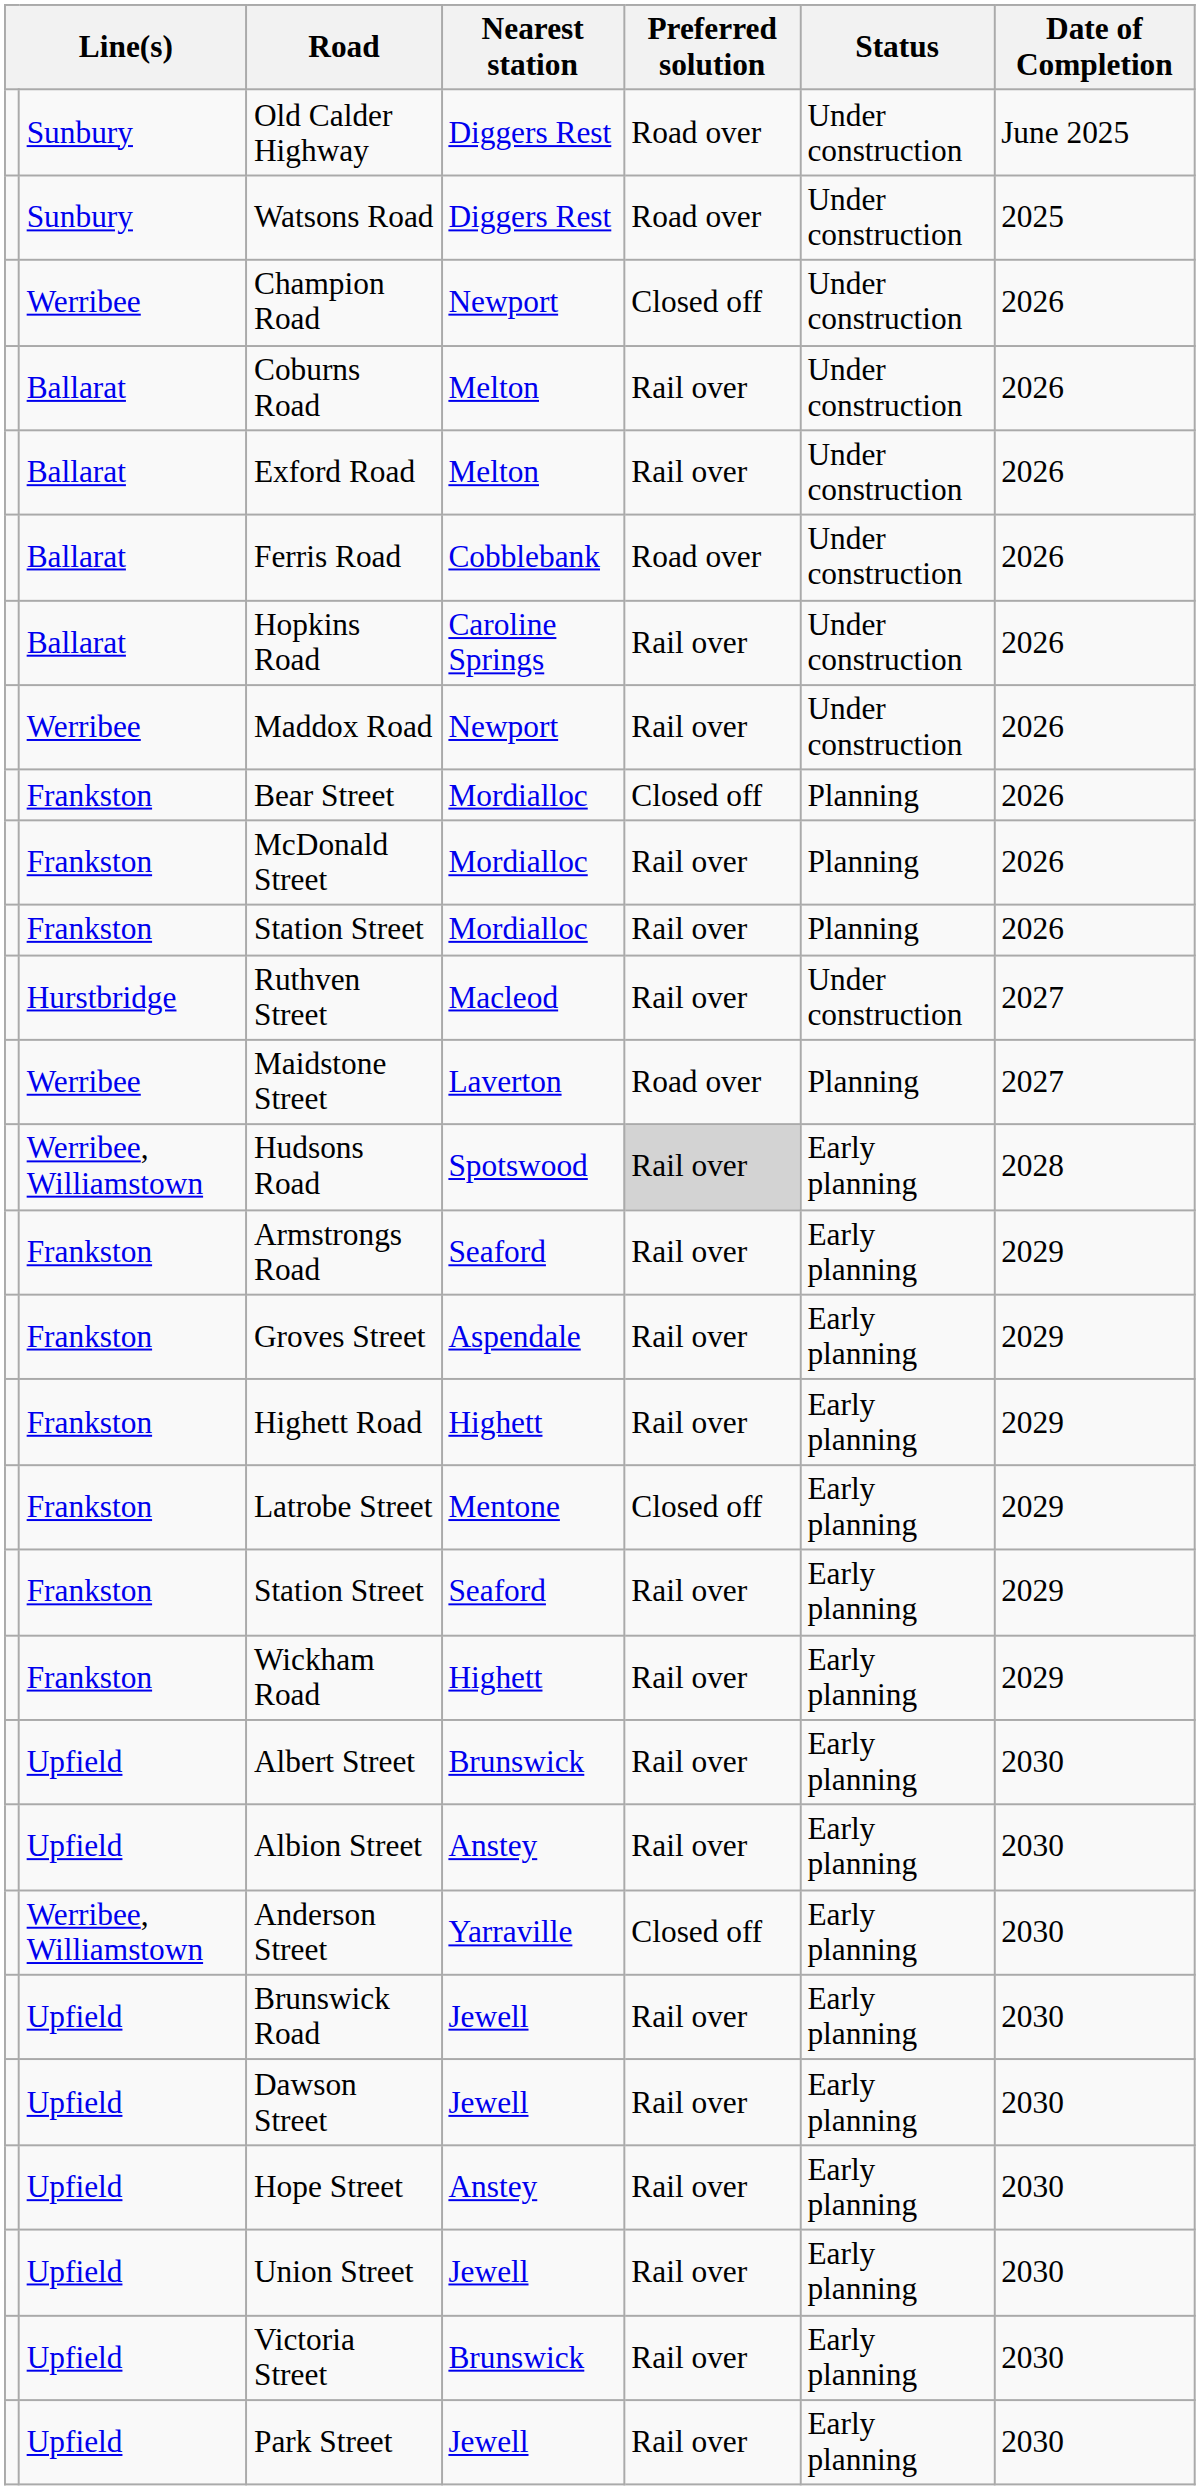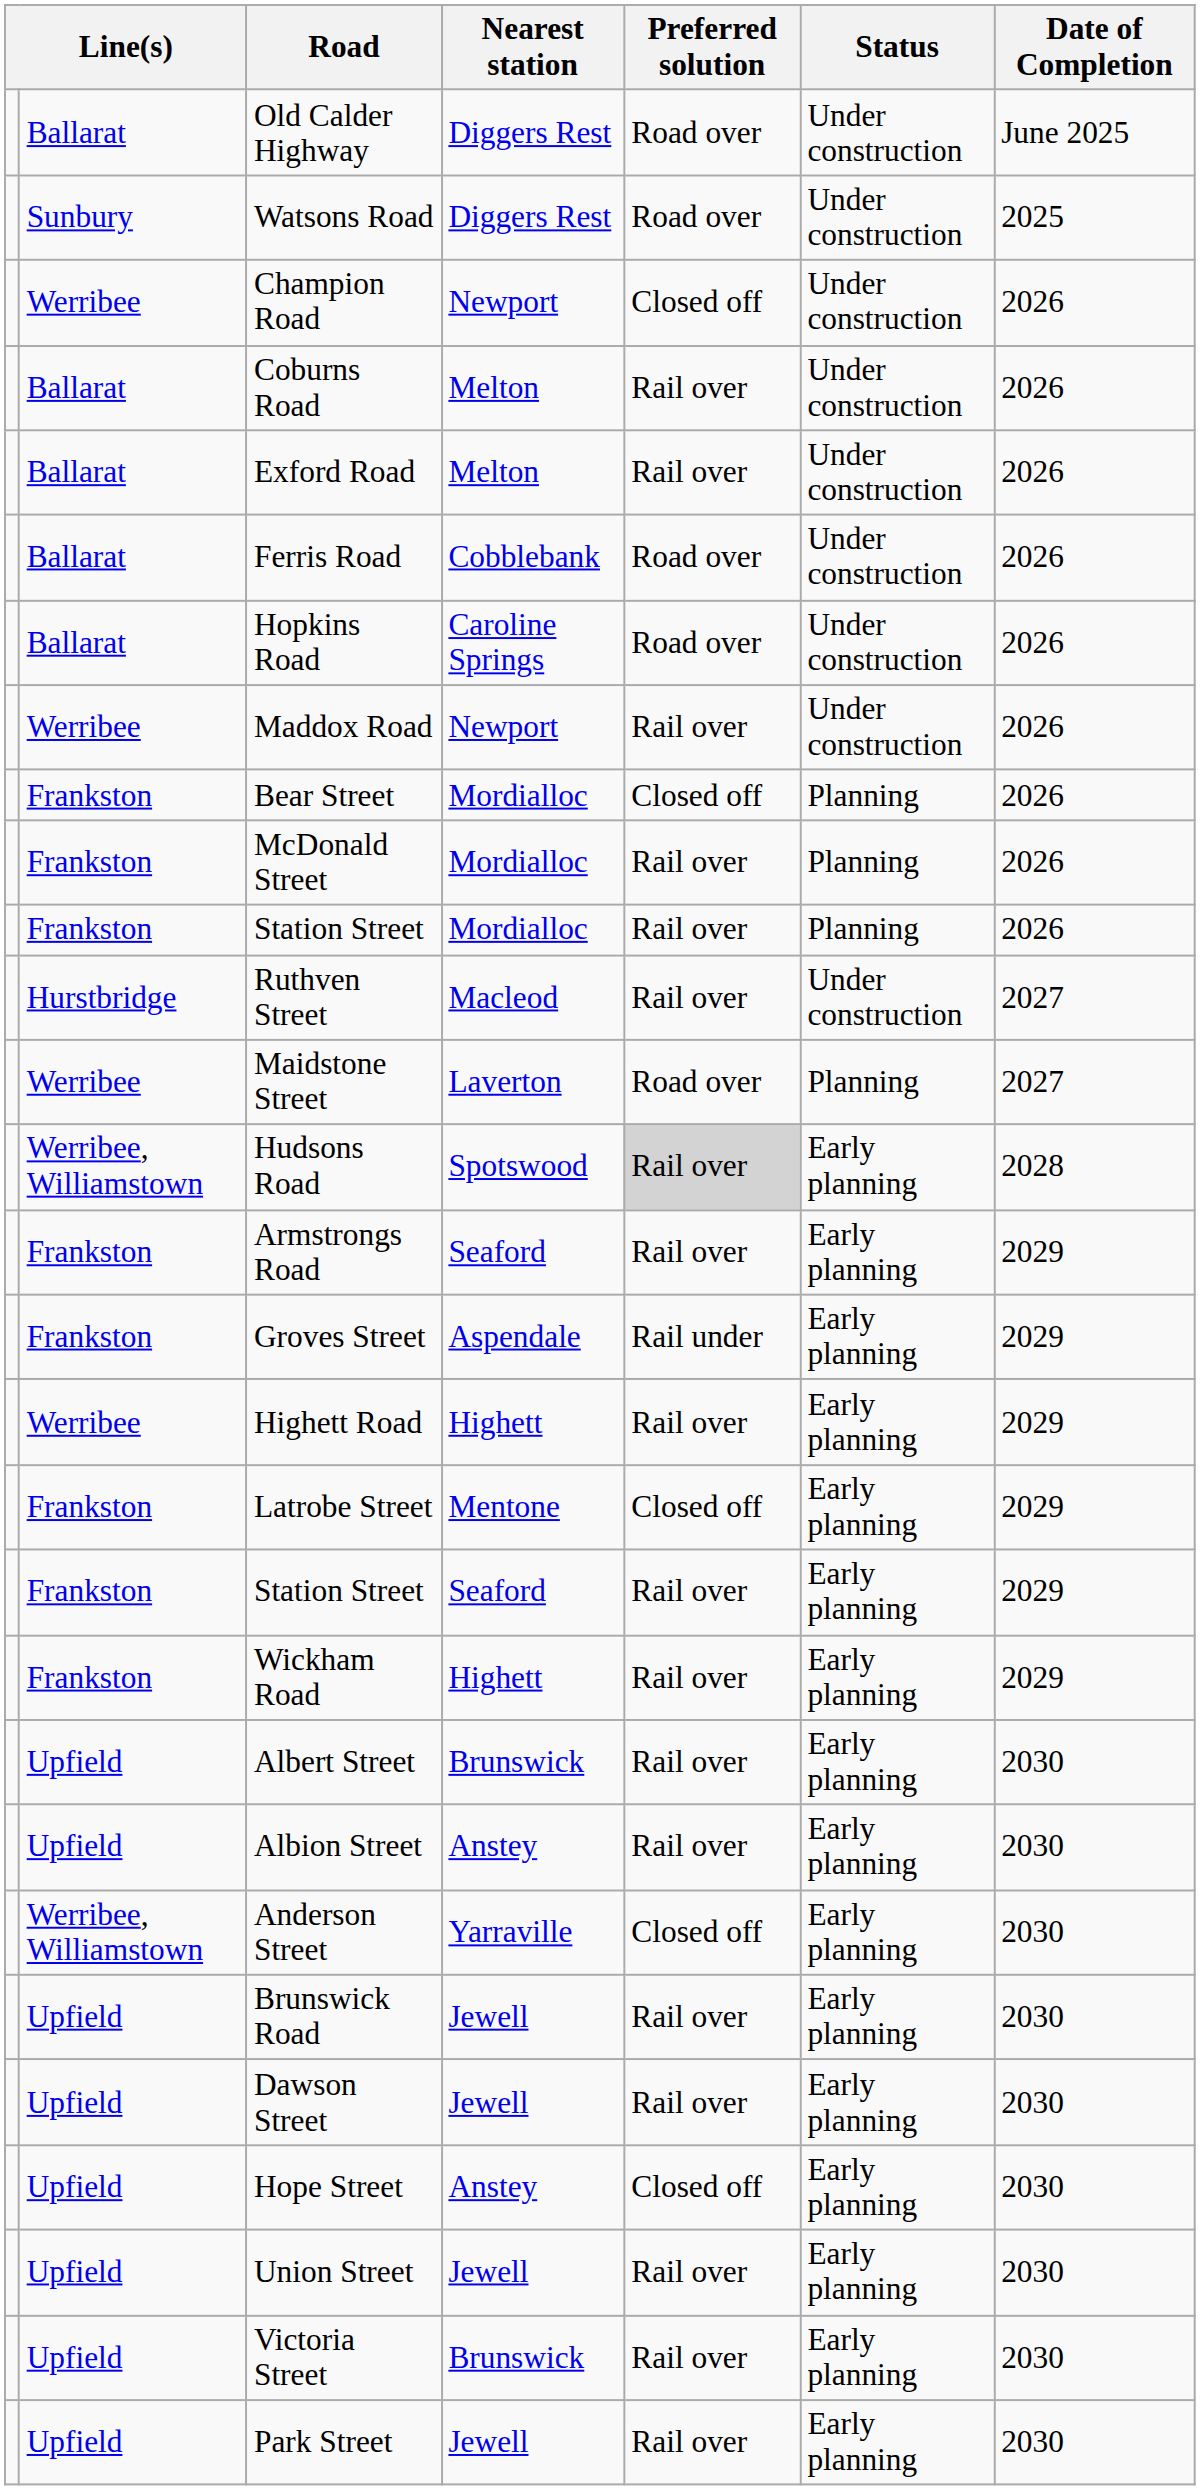 <table class="wikitable sortable">
 <tr>
 <th colspan="2">Line(s)</th>
 <th>Road</th>
 <th>Nearest station</th>
 <th>Preferred solution</th>
 <th>Status</th>
 <th>Date of Completion</th>
 </tr>
 <tr>
 <td style="background-color:#"></td>
-<td><a href='#'>Sunbury</a></td>
+<td><a href='#'>Ballarat</a></td>
 <td>Old Calder Highway</td>
 <td><a href='#'>Diggers Rest</a></td>
 <td>Road over</td>
 <td>Under construction</td>
 <td>June 2025</td>
 </tr>
 <tr>
 <td style="background-color:#"></td>
 <td><a href='#'>Sunbury</a></td>
 <td>Watsons Road</td>
 <td><a href='#'>Diggers Rest</a></td>
 <td>Road over</td>
 <td>Under construction</td>
 <td>2025</td>
 </tr>
 <tr>
 <td style="background-color:#"></td>
 <td><a href='#'>Werribee</a></td>
 <td>Champion Road</td>
 <td><a href='#'>Newport</a></td>
 <td>Closed off</td>
 <td>Under construction</td>
 <td>2026</td>
 </tr>
 <tr>
 <td style="background-color:#"></td>
 <td><a href='#'>Ballarat</a></td>
 <td>Coburns Road</td>
 <td><a href='#'>Melton</a></td>
 <td>Rail over</td>
 <td>Under construction</td>
 <td>2026</td>
 </tr>
 <tr>
 <td style="background-color:#"></td>
 <td><a href='#'>Ballarat</a></td>
 <td>Exford Road</td>
 <td><a href='#'>Melton</a></td>
 <td>Rail over</td>
 <td>Under construction</td>
 <td>2026</td>
 </tr>
 <tr>
 <td style="background-color:#"></td>
 <td><a href='#'>Ballarat</a></td>
 <td>Ferris Road</td>
 <td><a href='#'>Cobblebank</a></td>
 <td>Road over</td>
 <td>Under construction</td>
 <td>2026</td>
 </tr>
 <tr>
 <td style="background-color:#"></td>
 <td><a href='#'>Ballarat</a></td>
 <td>Hopkins Road</td>
 <td><a href='#'>Caroline Springs</a></td>
-<td>Rail over</td>
+<td>Road over</td>
 <td>Under construction</td>
 <td>2026</td>
 </tr>
 <tr>
 <td style="background-color:#"></td>
 <td><a href='#'>Werribee</a></td>
 <td>Maddox Road</td>
 <td><a href='#'>Newport</a></td>
 <td>Rail over</td>
 <td>Under construction</td>
 <td>2026</td>
 </tr>
 <tr>
 <td style="background-color:#"></td>
 <td><a href='#'>Frankston</a></td>
 <td>Bear Street</td>
 <td><a href='#'>Mordialloc</a></td>
 <td>Closed off</td>
 <td>Planning</td>
 <td>2026</td>
 </tr>
 <tr>
 <td style="background-color:#"></td>
 <td><a href='#'>Frankston</a></td>
 <td>McDonald Street</td>
 <td><a href='#'>Mordialloc</a></td>
 <td>Rail over</td>
 <td>Planning</td>
 <td>2026</td>
 </tr>
 <tr>
 <td style="background-color:#"></td>
 <td><a href='#'>Frankston</a></td>
 <td>Station Street</td>
 <td><a href='#'>Mordialloc</a></td>
 <td>Rail over</td>
 <td>Planning</td>
 <td>2026</td>
 </tr>
 <tr>
 <td style="background-color:#"></td>
 <td><a href='#'>Hurstbridge</a></td>
 <td>Ruthven Street</td>
 <td><a href='#'>Macleod</a></td>
 <td>Rail over</td>
 <td>Under construction</td>
 <td>2027</td>
 </tr>
 <tr>
 <td style="background-color:#"></td>
 <td><a href='#'>Werribee</a></td>
 <td>Maidstone Street</td>
 <td><a href='#'>Laverton</a></td>
 <td>Road over</td>
 <td>Planning</td>
 <td>2027</td>
 </tr>
 <tr>
 <td style="background-color:#"></td>
 <td><a href='#'>Werribee</a>, <a href='#'>Williamstown</a></td>
 <td>Hudsons Road</td>
 <td><a href='#'>Spotswood</a></td>
 <td style="background: lightgrey;">Rail over</td>
 <td>Early planning</td>
 <td>2028</td>
 </tr>
 <tr>
 <td style="background-color:#"></td>
 <td><a href='#'>Frankston</a></td>
 <td>Armstrongs Road</td>
 <td><a href='#'>Seaford</a></td>
 <td>Rail over</td>
 <td>Early planning</td>
 <td>2029</td>
 </tr>
 <tr>
 <td style="background-color:#"></td>
 <td><a href='#'>Frankston</a></td>
 <td>Groves Street</td>
 <td><a href='#'>Aspendale</a></td>
-<td>Rail over</td>
+<td>Rail under</td>
 <td>Early planning</td>
 <td>2029</td>
 </tr>
 <tr>
 <td style="background-color:#"></td>
-<td><a href='#'>Frankston</a></td>
+<td><a href='#'>Werribee</a></td>
 <td>Highett Road</td>
 <td><a href='#'>Highett</a></td>
 <td>Rail over</td>
 <td>Early planning</td>
 <td>2029</td>
 </tr>
 <tr>
 <td style="background-color:#"></td>
 <td><a href='#'>Frankston</a></td>
 <td>Latrobe Street</td>
 <td><a href='#'>Mentone</a></td>
 <td>Closed off</td>
 <td>Early planning</td>
 <td>2029</td>
 </tr>
 <tr>
 <td style="background-color:#"></td>
 <td><a href='#'>Frankston</a></td>
 <td>Station Street</td>
 <td><a href='#'>Seaford</a></td>
 <td>Rail over</td>
 <td>Early planning</td>
 <td>2029</td>
 </tr>
 <tr>
 <td style="background-color:#"></td>
 <td><a href='#'>Frankston</a></td>
 <td>Wickham Road</td>
 <td><a href='#'>Highett</a></td>
 <td>Rail over</td>
 <td>Early planning</td>
 <td>2029</td>
 </tr>
 <tr>
 <td style="background-color:#"></td>
 <td><a href='#'>Upfield</a></td>
 <td>Albert Street</td>
 <td><a href='#'>Brunswick</a></td>
 <td>Rail over</td>
 <td>Early planning</td>
 <td>2030</td>
 </tr>
 <tr>
 <td style="background-color:#"></td>
 <td><a href='#'>Upfield</a></td>
 <td>Albion Street</td>
 <td><a href='#'>Anstey</a></td>
 <td>Rail over</td>
 <td>Early planning</td>
 <td>2030</td>
 </tr>
 <tr>
 <td style="background-color:#"></td>
 <td><a href='#'>Werribee</a>, <a href='#'>Williamstown</a></td>
 <td>Anderson Street</td>
 <td><a href='#'>Yarraville</a></td>
 <td>Closed off</td>
 <td>Early planning</td>
 <td>2030</td>
 </tr>
 <tr>
 <td style="background-color:#"></td>
 <td><a href='#'>Upfield</a></td>
 <td>Brunswick Road</td>
 <td><a href='#'>Jewell</a></td>
 <td>Rail over</td>
 <td>Early planning</td>
 <td>2030</td>
 </tr>
 <tr>
 <td style="background-color:#"></td>
 <td><a href='#'>Upfield</a></td>
 <td>Dawson Street</td>
 <td><a href='#'>Jewell</a></td>
 <td>Rail over</td>
 <td>Early planning</td>
 <td>2030</td>
 </tr>
 <tr>
 <td style="background-color:#"></td>
 <td><a href='#'>Upfield</a></td>
 <td>Hope Street</td>
 <td><a href='#'>Anstey</a></td>
-<td>Rail over</td>
+<td>Closed off</td>
 <td>Early planning</td>
 <td>2030</td>
 </tr>
 <tr>
 <td style="background-color:#"></td>
 <td><a href='#'>Upfield</a></td>
 <td>Union Street</td>
 <td><a href='#'>Jewell</a></td>
 <td>Rail over</td>
 <td>Early planning</td>
 <td>2030</td>
 </tr>
 <tr>
 <td style="background-color:#"></td>
 <td><a href='#'>Upfield</a></td>
 <td>Victoria Street</td>
 <td><a href='#'>Brunswick</a></td>
 <td>Rail over</td>
 <td>Early planning</td>
 <td>2030</td>
 </tr>
 <tr>
 <td style="background-color:#"></td>
 <td><a href='#'>Upfield</a></td>
 <td>Park Street</td>
 <td><a href='#'>Jewell</a></td>
 <td>Rail over</td>
 <td>Early planning</td>
 <td>2030</td>
 </tr>
 </table>
